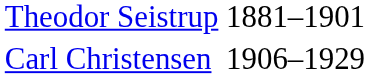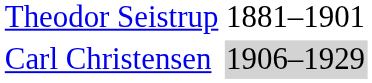 <table>
 <tr>
 <td><a href='#'>Theodor Seistrup</a></td>
 <td>1881–1901</td>
 </tr>
 <tr>
 <td><a href='#'>Carl Christensen</a></td>
-<td>1906–1929</td>
+<td style="background: lightgrey;">1906–1929</td>
 </tr>
 </table>
